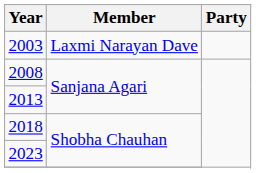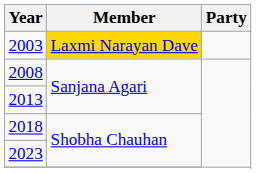 <table class="wikitable sortable">
 <tr>
 <th>Year</th>
 <th>Member</th>
 <th colspan=2>Party</th>
 </tr>
 <tr>
 <td><a href='#'>2003</a></td>
-<td><a href='#'>Laxmi Narayan Dave</a></td>
+<td style="background: gold;"><a href='#'>Laxmi Narayan Dave</a></td>
 <td></td>
 </tr>
 <tr>
 <td><a href='#'>2008</a></td>
 <td rowspan=2><a href='#'>Sanjana Agari</a></td>
 </tr>
 <tr>
 <td><a href='#'>2013</a></td>
 </tr>
 <tr>
 <td><a href='#'>2018</a></td>
 <td rowspan=2><a href='#'>Shobha Chauhan</a></td>
 </tr>
 <tr>
 <td><a href='#'>2023</a></td>
 </tr>
 <tr>
 </tr>
 </table>
